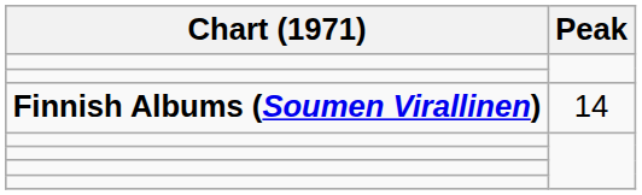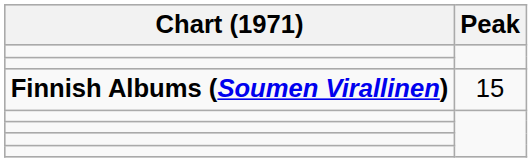 <table class="wikitable sortable">
 <tr>
 <th scope="col">Chart (1971)</th>
 <th scope="col">Peak</th>
 </tr>
 <tr>
 <td></td>
 </tr>
 <tr>
 <td></td>
 </tr>
 <tr>
 <td><strong>Finnish Albums (<a href='#'><em>Soumen Virallinen</em></a>)</strong></td>
-<td style="text-align:center;">14</td>
+<td style="text-align:center;">15</td>
 </tr>
 <tr>
 <td></td>
 </tr>
 <tr>
 <td></td>
 </tr>
 <tr>
 <td></td>
 </tr>
 <tr>
 <td></td>
 </tr>
 </table>
